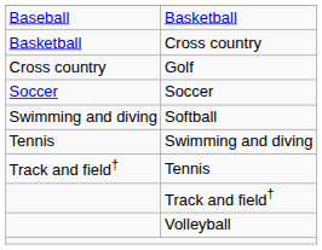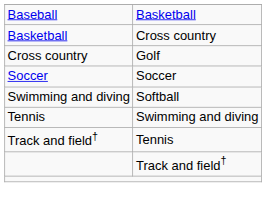 <table class="wikitable" style="float:right; clear:right; margin:0 0 1em 1em;">
 <tr>
 </tr>
 <tr>
 <td><a href='#'>Baseball</a></td>
 <td><a href='#'>Basketball</a></td>
 </tr>
 <tr>
 <td><a href='#'>Basketball</a></td>
 <td>Cross country</td>
 </tr>
 <tr>
 <td>Cross country</td>
 <td>Golf</td>
 </tr>
 <tr>
 <td><a href='#'>Soccer</a></td>
 <td>Soccer</td>
 </tr>
 <tr>
 <td>Swimming and diving</td>
 <td>Softball</td>
 </tr>
 <tr>
 <td>Tennis</td>
 <td>Swimming and diving</td>
 </tr>
 <tr>
 <td>Track and field<sup>†</sup></td>
 <td>Tennis</td>
 </tr>
 <tr>
 <td></td>
 <td>Track and field<sup>†</sup></td>
 </tr>
 <tr>
-<td></td>
-<td>Volleyball</td>
-</tr>
-<tr>
 <td colspan="2"></td>
 </tr>
 </table>
